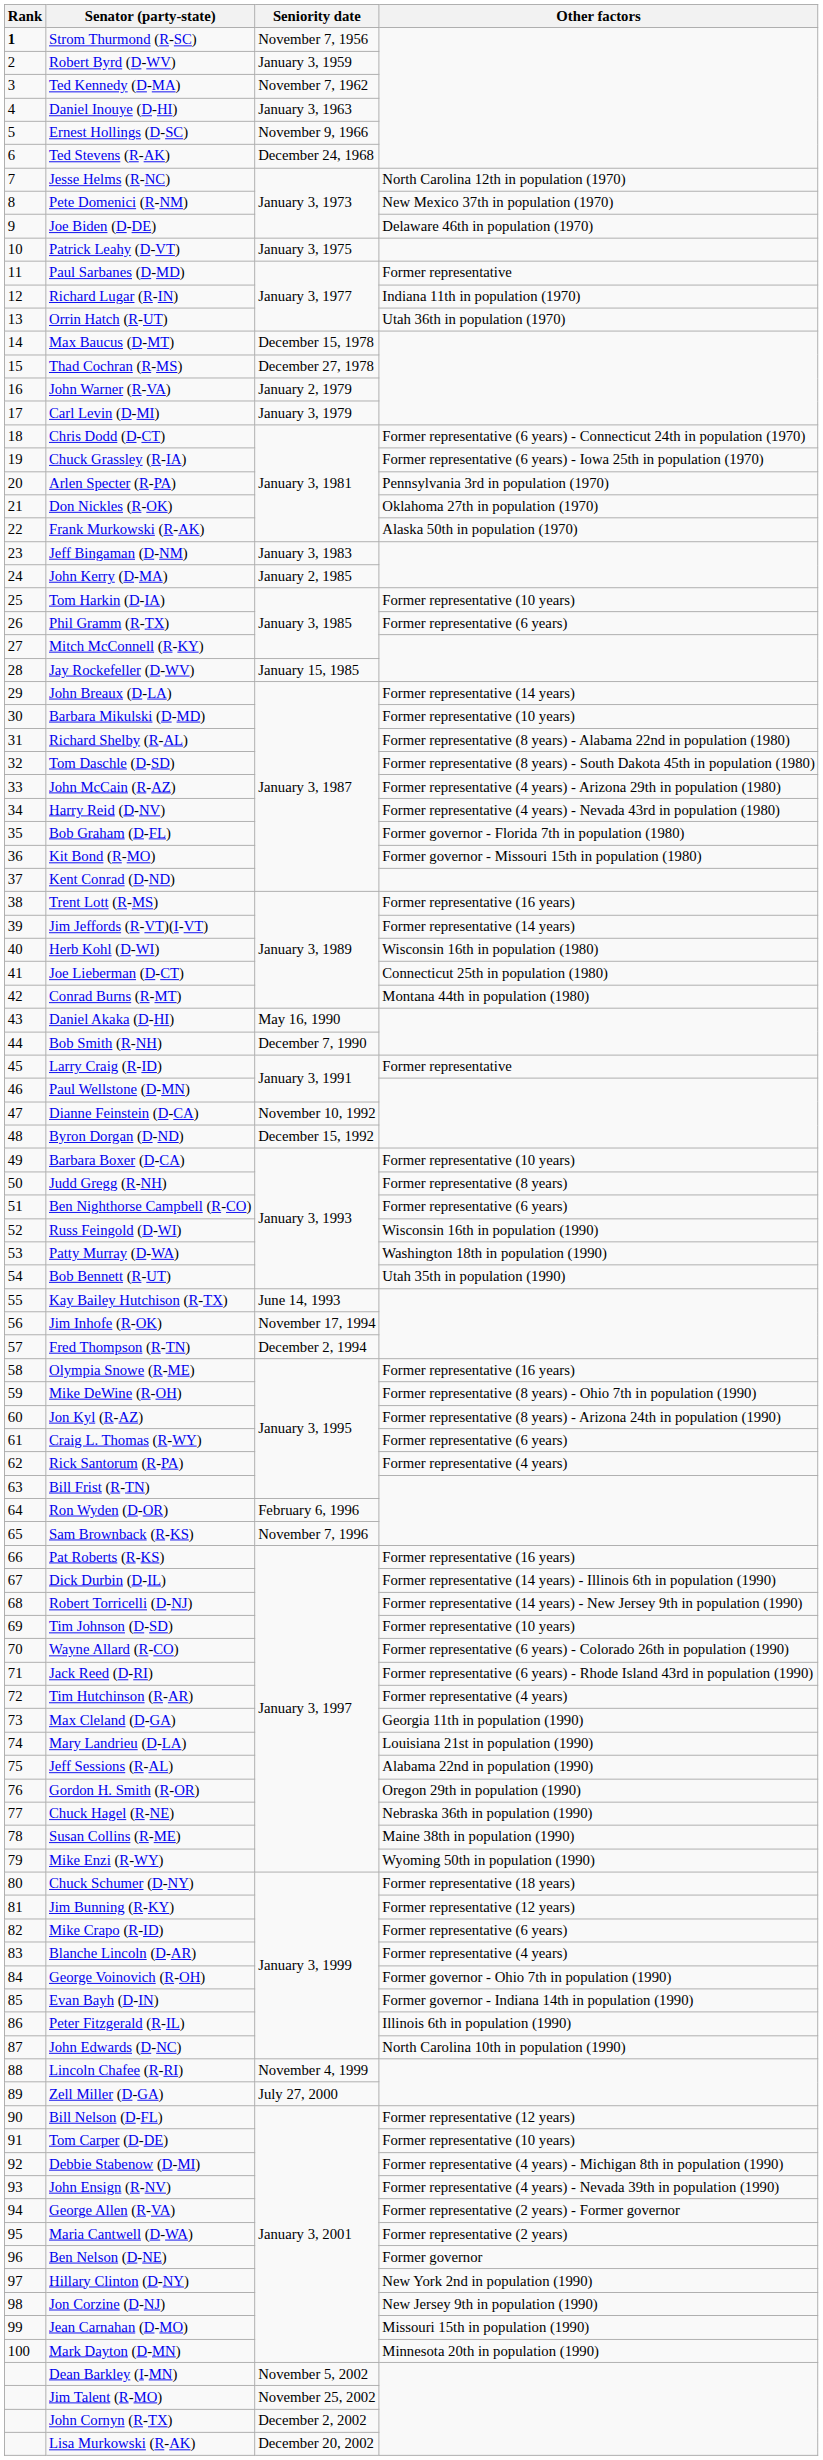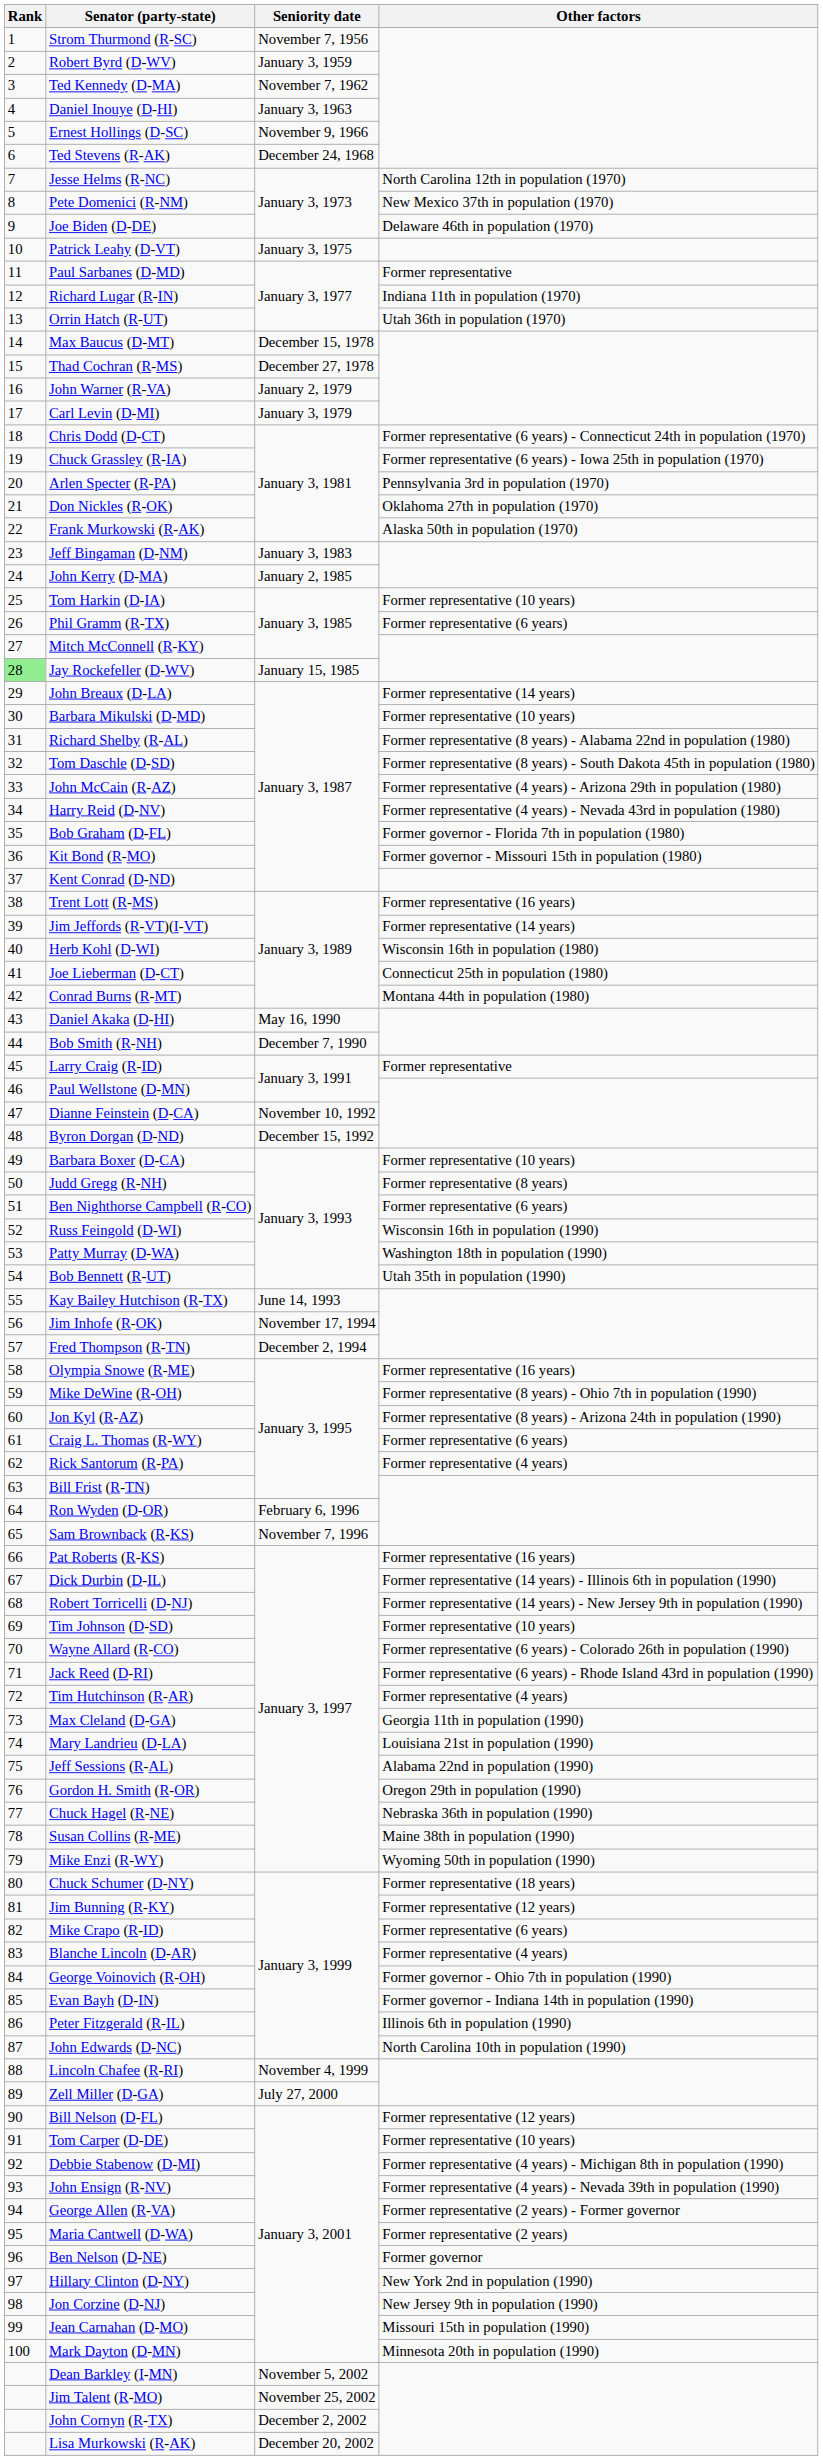 <table class=wikitable>
 <tr valign=bottom>
 <th>Rank</th>
 <th>Senator (party-state)</th>
 <th>Seniority date</th>
 <th>Other factors</th>
 </tr>
 <tr>
-<td><strong>1</strong></td>
+<td>1</td>
 <td><a href='#'>Strom Thurmond</a> (<a href='#'>R</a>-<a href='#'>SC</a>)</td>
 <td>November 7, 1956</td>
 <td rowspan=6></td>
 </tr>
 <tr>
 <td>2</td>
 <td><a href='#'>Robert Byrd</a> (<a href='#'>D</a>-<a href='#'>WV</a>)</td>
 <td>January 3, 1959</td>
 </tr>
 <tr>
 <td>3</td>
 <td><a href='#'>Ted Kennedy</a> (<a href='#'>D</a>-<a href='#'>MA</a>)</td>
 <td>November 7, 1962</td>
 </tr>
 <tr>
 <td>4</td>
 <td><a href='#'>Daniel Inouye</a> (<a href='#'>D</a>-<a href='#'>HI</a>)</td>
 <td>January 3, 1963</td>
 </tr>
 <tr>
 <td>5</td>
 <td><a href='#'>Ernest Hollings</a> (<a href='#'>D</a>-<a href='#'>SC</a>)</td>
 <td>November 9, 1966</td>
 </tr>
 <tr>
 <td>6</td>
 <td><a href='#'>Ted Stevens</a> (<a href='#'>R</a>-<a href='#'>AK</a>)</td>
 <td>December 24, 1968</td>
 </tr>
 <tr>
 <td>7</td>
 <td><a href='#'>Jesse Helms</a> (<a href='#'>R</a>-<a href='#'>NC</a>)</td>
 <td rowspan= 3>January 3, 1973</td>
 <td>North Carolina 12th in population (1970)</td>
 </tr>
 <tr>
 <td>8</td>
 <td><a href='#'>Pete Domenici</a> (<a href='#'>R</a>-<a href='#'>NM</a>)</td>
 <td>New Mexico 37th in population (1970)</td>
 </tr>
 <tr>
 <td>9</td>
 <td><a href='#'>Joe Biden</a> (<a href='#'>D</a>-<a href='#'>DE</a>)</td>
 <td>Delaware 46th in population (1970)</td>
 </tr>
 <tr>
 <td>10</td>
 <td><a href='#'>Patrick Leahy</a> (<a href='#'>D</a>-<a href='#'>VT</a>)</td>
 <td>January 3, 1975</td>
 <td></td>
 </tr>
 <tr>
 <td>11</td>
 <td><a href='#'>Paul Sarbanes</a> (<a href='#'>D</a>-<a href='#'>MD</a>)</td>
 <td rowspan=3>January 3, 1977</td>
 <td>Former representative</td>
 </tr>
 <tr>
 <td>12</td>
 <td><a href='#'>Richard Lugar</a> (<a href='#'>R</a>-<a href='#'>IN</a>)</td>
 <td>Indiana 11th in population (1970)</td>
 </tr>
 <tr>
 <td>13</td>
 <td><a href='#'>Orrin Hatch</a> (<a href='#'>R</a>-<a href='#'>UT</a>)</td>
 <td>Utah 36th in population (1970)</td>
 </tr>
 <tr>
 <td>14</td>
 <td><a href='#'>Max Baucus</a> (<a href='#'>D</a>-<a href='#'>MT</a>)</td>
 <td>December 15, 1978</td>
 <td rowspan=4> </td>
 </tr>
 <tr>
 <td>15</td>
 <td><a href='#'>Thad Cochran</a> (<a href='#'>R</a>-<a href='#'>MS</a>)</td>
 <td>December 27, 1978</td>
 </tr>
 <tr>
 <td>16</td>
 <td><a href='#'>John Warner</a> (<a href='#'>R</a>-<a href='#'>VA</a>)</td>
 <td>January 2, 1979</td>
 </tr>
 <tr>
 <td>17</td>
 <td><a href='#'>Carl Levin</a> (<a href='#'>D</a>-<a href='#'>MI</a>)</td>
 <td>January 3, 1979</td>
 </tr>
 <tr>
 <td>18</td>
 <td><a href='#'>Chris Dodd</a> (<a href='#'>D</a>-<a href='#'>CT</a>)</td>
 <td rowspan=5>January 3, 1981</td>
 <td>Former representative (6 years) - Connecticut 24th in population (1970)</td>
 </tr>
 <tr>
 <td>19</td>
 <td><a href='#'>Chuck Grassley</a> (<a href='#'>R</a>-<a href='#'>IA</a>)</td>
 <td>Former representative (6 years) - Iowa 25th in population (1970)</td>
 </tr>
 <tr>
 <td>20</td>
 <td><a href='#'>Arlen Specter</a> (<a href='#'>R</a>-<a href='#'>PA</a>)</td>
 <td>Pennsylvania 3rd in population (1970)</td>
 </tr>
 <tr>
 <td>21</td>
 <td><a href='#'>Don Nickles</a> (<a href='#'>R</a>-<a href='#'>OK</a>)</td>
 <td>Oklahoma 27th in population (1970)</td>
 </tr>
 <tr>
 <td>22</td>
 <td><a href='#'>Frank Murkowski</a> (<a href='#'>R</a>-<a href='#'>AK</a>)</td>
 <td>Alaska 50th in population (1970)</td>
 </tr>
 <tr>
 <td>23</td>
 <td><a href='#'>Jeff Bingaman</a> (<a href='#'>D</a>-<a href='#'>NM</a>)</td>
 <td>January 3, 1983</td>
 <td rowspan=2></td>
 </tr>
 <tr>
 <td>24</td>
 <td><a href='#'>John Kerry</a> (<a href='#'>D</a>-<a href='#'>MA</a>)</td>
 <td>January 2, 1985</td>
 </tr>
 <tr>
 <td>25</td>
 <td><a href='#'>Tom Harkin</a> (<a href='#'>D</a>-<a href='#'>IA</a>)</td>
 <td rowspan=3>January 3, 1985</td>
 <td>Former representative (10 years)</td>
 </tr>
 <tr>
 <td>26</td>
 <td><a href='#'>Phil Gramm</a> (<a href='#'>R</a>-<a href='#'>TX</a>)</td>
 <td>Former representative (6 years)</td>
 </tr>
 <tr>
 <td>27</td>
 <td><a href='#'>Mitch McConnell</a> (<a href='#'>R</a>-<a href='#'>KY</a>)</td>
 <td rowspan=2></td>
 </tr>
 <tr>
-<td>28</td>
+<td style="background: lightgreen;">28</td>
 <td><a href='#'>Jay Rockefeller</a> (<a href='#'>D</a>-<a href='#'>WV</a>)</td>
 <td>January 15, 1985</td>
 </tr>
 <tr>
 <td>29</td>
 <td><a href='#'>John Breaux</a> (<a href='#'>D</a>-<a href='#'>LA</a>)</td>
 <td rowspan=9>January 3, 1987</td>
 <td>Former representative (14 years)</td>
 </tr>
 <tr>
 <td>30</td>
 <td><a href='#'>Barbara Mikulski</a> (<a href='#'>D</a>-<a href='#'>MD</a>)</td>
 <td>Former representative (10 years)</td>
 </tr>
 <tr>
 <td>31</td>
 <td><a href='#'>Richard Shelby</a> (<a href='#'>R</a>-<a href='#'>AL</a>)</td>
 <td>Former representative (8 years) - Alabama 22nd in population (1980)</td>
 </tr>
 <tr>
 <td>32</td>
 <td><a href='#'>Tom Daschle</a> (<a href='#'>D</a>-<a href='#'>SD</a>)</td>
 <td>Former representative (8 years) - South Dakota 45th in population (1980)</td>
 </tr>
 <tr>
 <td>33</td>
 <td><a href='#'>John McCain</a> (<a href='#'>R</a>-<a href='#'>AZ</a>)</td>
 <td>Former representative (4 years) - Arizona 29th in population (1980)</td>
 </tr>
 <tr>
 <td>34</td>
 <td><a href='#'>Harry Reid</a> (<a href='#'>D</a>-<a href='#'>NV</a>)</td>
 <td>Former representative (4 years) - Nevada 43rd in population (1980)</td>
 </tr>
 <tr>
 <td>35</td>
 <td><a href='#'>Bob Graham</a> (<a href='#'>D</a>-<a href='#'>FL</a>)</td>
 <td>Former governor - Florida 7th in population (1980)</td>
 </tr>
 <tr>
 <td>36</td>
 <td><a href='#'>Kit Bond</a> (<a href='#'>R</a>-<a href='#'>MO</a>)</td>
 <td>Former governor - Missouri 15th in population (1980)</td>
 </tr>
 <tr>
 <td>37</td>
 <td><a href='#'>Kent Conrad</a> (<a href='#'>D</a>-<a href='#'>ND</a>)</td>
 <td></td>
 </tr>
 <tr>
 <td>38</td>
 <td><a href='#'>Trent Lott</a> (<a href='#'>R</a>-<a href='#'>MS</a>)</td>
 <td rowspan=5>January 3, 1989</td>
 <td>Former representative (16 years)</td>
 </tr>
 <tr>
 <td>39</td>
 <td><a href='#'>Jim Jeffords</a> (<a href='#'>R</a>-<a href='#'>VT</a>)(<a href='#'>I</a>-<a href='#'>VT</a>)</td>
 <td>Former representative (14 years)</td>
 </tr>
 <tr>
 <td>40</td>
 <td><a href='#'>Herb Kohl</a> (<a href='#'>D</a>-<a href='#'>WI</a>)</td>
 <td>Wisconsin 16th in population (1980)</td>
 </tr>
 <tr>
 <td>41</td>
 <td><a href='#'>Joe Lieberman</a> (<a href='#'>D</a>-<a href='#'>CT</a>)</td>
 <td>Connecticut 25th in population (1980)</td>
 </tr>
 <tr>
 <td>42</td>
 <td><a href='#'>Conrad Burns</a> (<a href='#'>R</a>-<a href='#'>MT</a>)</td>
 <td>Montana 44th in population (1980)</td>
 </tr>
 <tr>
 <td>43</td>
 <td><a href='#'>Daniel Akaka</a> (<a href='#'>D</a>-<a href='#'>HI</a>)</td>
 <td>May 16, 1990</td>
 <td rowspan=2></td>
 </tr>
 <tr>
 <td>44</td>
 <td><a href='#'>Bob Smith</a> (<a href='#'>R</a>-<a href='#'>NH</a>)</td>
 <td>December 7, 1990</td>
 </tr>
 <tr>
 <td>45</td>
 <td><a href='#'>Larry Craig</a> (<a href='#'>R</a>-<a href='#'>ID</a>)</td>
 <td rowspan=2>January 3, 1991</td>
 <td>Former representative</td>
 </tr>
 <tr>
 <td>46</td>
 <td><a href='#'>Paul Wellstone</a> (<a href='#'>D</a>-<a href='#'>MN</a>)</td>
 <td rowspan=3></td>
 </tr>
 <tr>
 <td>47</td>
 <td><a href='#'>Dianne Feinstein</a> (<a href='#'>D</a>-<a href='#'>CA</a>)</td>
 <td>November 10, 1992</td>
 </tr>
 <tr>
 <td>48</td>
 <td><a href='#'>Byron Dorgan</a> (<a href='#'>D</a>-<a href='#'>ND</a>)</td>
 <td>December 15, 1992</td>
 </tr>
 <tr>
 <td>49</td>
 <td><a href='#'>Barbara Boxer</a> (<a href='#'>D</a>-<a href='#'>CA</a>)</td>
 <td rowspan=6>January 3, 1993</td>
 <td>Former representative (10 years)</td>
 </tr>
 <tr>
 <td>50</td>
 <td><a href='#'>Judd Gregg</a> (<a href='#'>R</a>-<a href='#'>NH</a>)</td>
 <td>Former representative (8 years)</td>
 </tr>
 <tr>
 <td>51</td>
 <td><a href='#'>Ben Nighthorse Campbell</a> (<a href='#'>R</a>-<a href='#'>CO</a>)</td>
 <td>Former representative (6 years)</td>
 </tr>
 <tr>
 <td>52</td>
 <td><a href='#'>Russ Feingold</a> (<a href='#'>D</a>-<a href='#'>WI</a>)</td>
 <td>Wisconsin 16th in population (1990)</td>
 </tr>
 <tr>
 <td>53</td>
 <td><a href='#'>Patty Murray</a> (<a href='#'>D</a>-<a href='#'>WA</a>)</td>
 <td>Washington 18th in population (1990)</td>
 </tr>
 <tr>
 <td>54</td>
 <td><a href='#'>Bob Bennett</a> (<a href='#'>R</a>-<a href='#'>UT</a>)</td>
 <td>Utah 35th in population (1990)</td>
 </tr>
 <tr>
 <td>55</td>
 <td><a href='#'>Kay Bailey Hutchison</a> (<a href='#'>R</a>-<a href='#'>TX</a>)</td>
 <td>June 14, 1993</td>
 <td rowspan=3></td>
 </tr>
 <tr>
 <td>56</td>
 <td><a href='#'>Jim Inhofe</a> (<a href='#'>R</a>-<a href='#'>OK</a>)</td>
 <td>November 17, 1994</td>
 </tr>
 <tr>
 <td>57</td>
 <td><a href='#'>Fred Thompson</a> (<a href='#'>R</a>-<a href='#'>TN</a>)</td>
 <td>December 2, 1994</td>
 </tr>
 <tr>
 <td>58</td>
 <td><a href='#'>Olympia Snowe</a> (<a href='#'>R</a>-<a href='#'>ME</a>)</td>
 <td rowspan=6>January 3, 1995</td>
 <td>Former representative (16 years)</td>
 </tr>
 <tr>
 <td>59</td>
 <td><a href='#'>Mike DeWine</a> (<a href='#'>R</a>-<a href='#'>OH</a>)</td>
 <td>Former representative (8 years) - Ohio 7th in population (1990)</td>
 </tr>
 <tr>
 <td>60</td>
 <td><a href='#'>Jon Kyl</a> (<a href='#'>R</a>-<a href='#'>AZ</a>)</td>
 <td>Former representative (8 years) - Arizona 24th in population (1990)</td>
 </tr>
 <tr>
 <td>61</td>
 <td><a href='#'>Craig L. Thomas</a> (<a href='#'>R</a>-<a href='#'>WY</a>)</td>
 <td>Former representative (6 years)</td>
 </tr>
 <tr>
 <td>62</td>
 <td><a href='#'>Rick Santorum</a> (<a href='#'>R</a>-<a href='#'>PA</a>)</td>
 <td>Former representative (4 years)</td>
 </tr>
 <tr>
 <td>63</td>
 <td><a href='#'>Bill Frist</a> (<a href='#'>R</a>-<a href='#'>TN</a>)</td>
 <td rowspan=3></td>
 </tr>
 <tr>
 <td>64</td>
 <td><a href='#'>Ron Wyden</a> (<a href='#'>D</a>-<a href='#'>OR</a>)</td>
 <td>February 6, 1996</td>
 </tr>
 <tr>
 <td>65</td>
 <td><a href='#'>Sam Brownback</a> (<a href='#'>R</a>-<a href='#'>KS</a>)</td>
 <td>November 7, 1996</td>
 </tr>
 <tr>
 <td>66</td>
 <td><a href='#'>Pat Roberts</a> (<a href='#'>R</a>-<a href='#'>KS</a>)</td>
 <td rowspan=14>January 3, 1997</td>
 <td>Former representative (16 years)</td>
 </tr>
 <tr>
 <td>67</td>
 <td><a href='#'>Dick Durbin</a> (<a href='#'>D</a>-<a href='#'>IL</a>)</td>
 <td>Former representative (14 years) - Illinois 6th in population (1990)</td>
 </tr>
 <tr>
 <td>68</td>
 <td><a href='#'>Robert Torricelli</a> (<a href='#'>D</a>-<a href='#'>NJ</a>)</td>
 <td>Former representative (14 years) - New Jersey 9th in population (1990)</td>
 </tr>
 <tr>
 <td>69</td>
 <td><a href='#'>Tim Johnson</a> (<a href='#'>D</a>-<a href='#'>SD</a>)</td>
 <td>Former representative (10 years)</td>
 </tr>
 <tr>
 <td>70</td>
 <td><a href='#'>Wayne Allard</a> (<a href='#'>R</a>-<a href='#'>CO</a>)</td>
 <td>Former representative (6 years) - Colorado 26th in population (1990)</td>
 </tr>
 <tr>
 <td>71</td>
 <td><a href='#'>Jack Reed</a> (<a href='#'>D</a>-<a href='#'>RI</a>)</td>
 <td>Former representative (6 years) - Rhode Island 43rd in population (1990)</td>
 </tr>
 <tr>
 <td>72</td>
 <td><a href='#'>Tim Hutchinson</a> (<a href='#'>R</a>-<a href='#'>AR</a>)</td>
 <td>Former representative (4 years)</td>
 </tr>
 <tr>
 <td>73</td>
 <td><a href='#'>Max Cleland</a> (<a href='#'>D</a>-<a href='#'>GA</a>)</td>
 <td>Georgia 11th in population (1990)</td>
 </tr>
 <tr>
 <td>74</td>
 <td><a href='#'>Mary Landrieu</a> (<a href='#'>D</a>-<a href='#'>LA</a>)</td>
 <td>Louisiana 21st in population (1990)</td>
 </tr>
 <tr>
 <td>75</td>
 <td><a href='#'>Jeff Sessions</a> (<a href='#'>R</a>-<a href='#'>AL</a>)</td>
 <td>Alabama 22nd in population (1990)</td>
 </tr>
 <tr>
 <td>76</td>
 <td><a href='#'>Gordon H. Smith</a> (<a href='#'>R</a>-<a href='#'>OR</a>)</td>
 <td>Oregon 29th in population (1990)</td>
 </tr>
 <tr>
 <td>77</td>
 <td><a href='#'>Chuck Hagel</a> (<a href='#'>R</a>-<a href='#'>NE</a>)</td>
 <td>Nebraska 36th in population (1990)</td>
 </tr>
 <tr>
 <td>78</td>
 <td><a href='#'>Susan Collins</a> (<a href='#'>R</a>-<a href='#'>ME</a>)</td>
 <td>Maine 38th in population (1990)</td>
 </tr>
 <tr>
 <td>79</td>
 <td><a href='#'>Mike Enzi</a> (<a href='#'>R</a>-<a href='#'>WY</a>)</td>
 <td>Wyoming 50th in population (1990)</td>
 </tr>
 <tr>
 <td>80</td>
 <td><a href='#'>Chuck Schumer</a> (<a href='#'>D</a>-<a href='#'>NY</a>)</td>
 <td rowspan=8>January 3, 1999</td>
 <td>Former representative (18 years)</td>
 </tr>
 <tr>
 <td>81</td>
 <td><a href='#'>Jim Bunning</a> (<a href='#'>R</a>-<a href='#'>KY</a>)</td>
 <td>Former representative (12 years)</td>
 </tr>
 <tr>
 <td>82</td>
 <td><a href='#'>Mike Crapo</a> (<a href='#'>R</a>-<a href='#'>ID</a>)</td>
 <td>Former representative (6 years)</td>
 </tr>
 <tr>
 <td>83</td>
 <td><a href='#'>Blanche Lincoln</a> (<a href='#'>D</a>-<a href='#'>AR</a>)</td>
 <td>Former representative (4 years)</td>
 </tr>
 <tr>
 <td>84</td>
 <td><a href='#'>George Voinovich</a> (<a href='#'>R</a>-<a href='#'>OH</a>)</td>
 <td>Former governor - Ohio 7th in population (1990)</td>
 </tr>
 <tr>
 <td>85</td>
 <td><a href='#'>Evan Bayh</a> (<a href='#'>D</a>-<a href='#'>IN</a>)</td>
 <td>Former governor - Indiana 14th in population (1990)</td>
 </tr>
 <tr>
 <td>86</td>
 <td><a href='#'>Peter Fitzgerald</a> (<a href='#'>R</a>-<a href='#'>IL</a>)</td>
 <td>Illinois 6th in population (1990)</td>
 </tr>
 <tr>
 <td>87</td>
 <td><a href='#'>John Edwards</a> (<a href='#'>D</a>-<a href='#'>NC</a>)</td>
 <td>North Carolina 10th in population (1990)</td>
 </tr>
 <tr>
 <td>88</td>
 <td><a href='#'>Lincoln Chafee</a> (<a href='#'>R</a>-<a href='#'>RI</a>)</td>
 <td>November 4, 1999</td>
 <td rowspan=2></td>
 </tr>
 <tr>
 <td>89</td>
 <td><a href='#'>Zell Miller</a> (<a href='#'>D</a>-<a href='#'>GA</a>)</td>
 <td>July 27, 2000</td>
 </tr>
 <tr>
 <td>90</td>
 <td><a href='#'>Bill Nelson</a> (<a href='#'>D</a>-<a href='#'>FL</a>)</td>
 <td rowspan=11>January 3, 2001</td>
 <td>Former representative (12 years)</td>
 </tr>
 <tr>
 <td>91</td>
 <td><a href='#'>Tom Carper</a> (<a href='#'>D</a>-<a href='#'>DE</a>)</td>
 <td>Former representative (10 years)</td>
 </tr>
 <tr>
 <td>92</td>
 <td><a href='#'>Debbie Stabenow</a> (<a href='#'>D</a>-<a href='#'>MI</a>)</td>
 <td>Former representative (4 years) - Michigan 8th in population (1990)</td>
 </tr>
 <tr>
 <td>93</td>
 <td><a href='#'>John Ensign</a> (<a href='#'>R</a>-<a href='#'>NV</a>)</td>
 <td>Former representative (4 years) - Nevada 39th in population (1990)</td>
 </tr>
 <tr>
 <td>94</td>
 <td><a href='#'>George Allen</a> (<a href='#'>R</a>-<a href='#'>VA</a>)</td>
 <td>Former representative (2 years) - Former governor</td>
 </tr>
 <tr>
 <td>95</td>
 <td><a href='#'>Maria Cantwell</a> (<a href='#'>D</a>-<a href='#'>WA</a>)</td>
 <td>Former representative (2 years)</td>
 </tr>
 <tr>
 <td>96</td>
 <td><a href='#'>Ben Nelson</a> (<a href='#'>D</a>-<a href='#'>NE</a>)</td>
 <td>Former governor</td>
 </tr>
 <tr>
 <td>97</td>
 <td><a href='#'>Hillary Clinton</a> (<a href='#'>D</a>-<a href='#'>NY</a>)</td>
 <td>New York 2nd in population (1990)</td>
 </tr>
 <tr>
 <td>98</td>
 <td><a href='#'>Jon Corzine</a> (<a href='#'>D</a>-<a href='#'>NJ</a>)</td>
 <td>New Jersey 9th in population (1990)</td>
 </tr>
 <tr>
 <td>99</td>
 <td><a href='#'>Jean Carnahan</a> (<a href='#'>D</a>-<a href='#'>MO</a>)</td>
 <td>Missouri 15th in population (1990)</td>
 </tr>
 <tr>
 <td>100</td>
 <td><a href='#'>Mark Dayton</a> (<a href='#'>D</a>-<a href='#'>MN</a>)</td>
 <td>Minnesota 20th in population (1990)</td>
 </tr>
 <tr>
 <td></td>
 <td><a href='#'>Dean Barkley</a> (<a href='#'>I</a>-<a href='#'>MN</a>)</td>
 <td>November 5, 2002</td>
 <td rowspan=4></td>
 </tr>
 <tr>
 <td></td>
 <td><a href='#'>Jim Talent</a> (<a href='#'>R</a>-<a href='#'>MO</a>)</td>
 <td>November 25, 2002</td>
 </tr>
 <tr>
 <td></td>
 <td><a href='#'>John Cornyn</a> (<a href='#'>R</a>-<a href='#'>TX</a>)</td>
 <td>December 2, 2002</td>
 </tr>
 <tr>
 <td></td>
 <td><a href='#'>Lisa Murkowski</a> (<a href='#'>R</a>-<a href='#'>AK</a>)</td>
 <td>December 20, 2002</td>
 </tr>
 </table>
